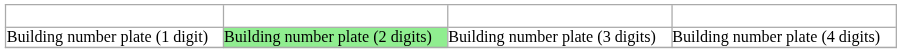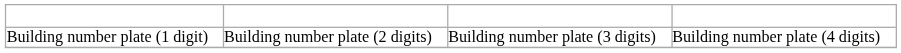 <table cellpadding="0" cellspacing="0" border="1" width="80%" style="margin: auto;border: 1px #aaa solid;  border-collapse: collapse; font-size:80%">
 <tr>
 <td>　</td>
 <td>　</td>
 <td>　</td>
 <td>　</td>
 </tr>
 <tr>
 <td>Building number plate (1 digit)</td>
-<td style="background: lightgreen;">Building number plate (2 digits)</td>
+<td>Building number plate (2 digits)</td>
 <td>Building number plate (3 digits)</td>
 <td>Building number plate (4 digits)</td>
 </tr>
 <tr>
 </tr>
 </table>
